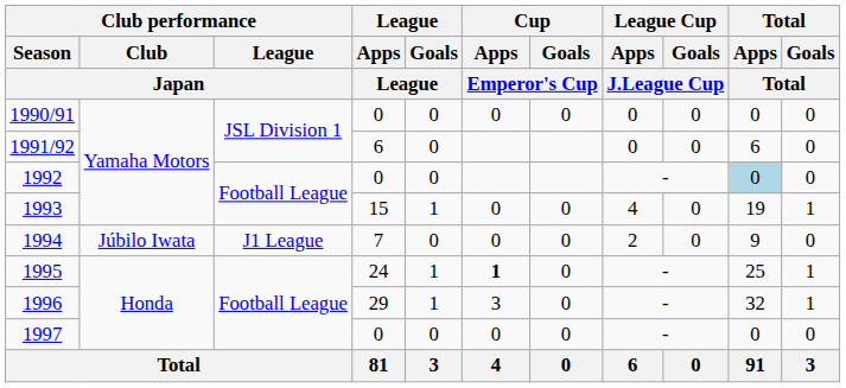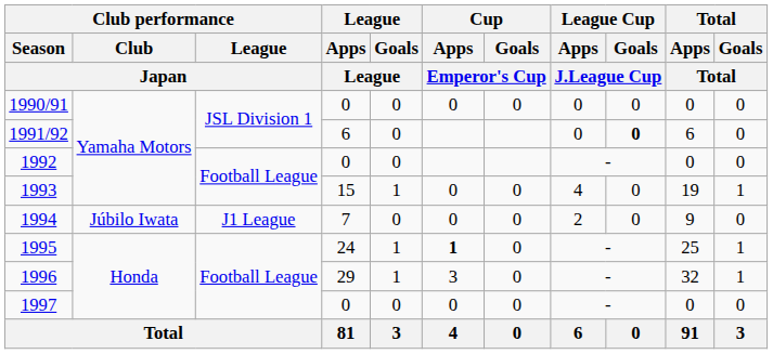 <table class="wikitable" style="text-align:center;">
 <tr>
 <th colspan=3>Club performance</th>
 <th colspan=2>League</th>
 <th colspan=2>Cup</th>
 <th colspan=2>League Cup</th>
 <th colspan=2>Total</th>
 </tr>
 <tr>
 <th>Season</th>
 <th>Club</th>
 <th>League</th>
 <th>Apps</th>
 <th>Goals</th>
 <th>Apps</th>
 <th>Goals</th>
 <th>Apps</th>
 <th>Goals</th>
 <th>Apps</th>
 <th>Goals</th>
 </tr>
 <tr>
 <th colspan=3>Japan</th>
 <th colspan=2>League</th>
 <th colspan=2><a href='#'>Emperor's Cup</a></th>
 <th colspan=2><a href='#'>J.League Cup</a></th>
 <th colspan=2>Total</th>
 </tr>
 <tr>
 <td><a href='#'>1990/91</a></td>
 <td rowspan="4"><a href='#'>Yamaha Motors</a></td>
 <td rowspan="2"><a href='#'>JSL Division 1</a></td>
 <td>0</td>
 <td>0</td>
 <td>0</td>
 <td>0</td>
 <td>0</td>
 <td>0</td>
 <td>0</td>
 <td>0</td>
 </tr>
 <tr>
 <td><a href='#'>1991/92</a></td>
 <td>6</td>
 <td>0</td>
 <td></td>
 <td></td>
 <td>0</td>
-<td>0</td>
+<td><strong>0</strong></td>
 <td>6</td>
 <td>0</td>
 </tr>
 <tr>
 <td><a href='#'>1992</a></td>
 <td rowspan="2"><a href='#'>Football League</a></td>
 <td>0</td>
 <td>0</td>
 <td></td>
 <td></td>
 <td colspan="2">-</td>
-<td style="background: lightblue;">0</td>
+<td>0</td>
 <td>0</td>
 </tr>
 <tr>
 <td><a href='#'>1993</a></td>
 <td>15</td>
 <td>1</td>
 <td>0</td>
 <td>0</td>
 <td>4</td>
 <td>0</td>
 <td>19</td>
 <td>1</td>
 </tr>
 <tr>
 <td><a href='#'>1994</a></td>
 <td><a href='#'>Júbilo Iwata</a></td>
 <td><a href='#'>J1 League</a></td>
 <td>7</td>
 <td>0</td>
 <td>0</td>
 <td>0</td>
 <td>2</td>
 <td>0</td>
 <td>9</td>
 <td>0</td>
 </tr>
 <tr>
 <td><a href='#'>1995</a></td>
 <td rowspan="3"><a href='#'>Honda</a></td>
 <td rowspan="3"><a href='#'>Football League</a></td>
 <td>24</td>
 <td>1</td>
 <td><strong>1</strong></td>
 <td>0</td>
 <td colspan="2">-</td>
 <td>25</td>
 <td>1</td>
 </tr>
 <tr>
 <td><a href='#'>1996</a></td>
 <td>29</td>
 <td>1</td>
 <td>3</td>
 <td>0</td>
 <td colspan="2">-</td>
 <td>32</td>
 <td>1</td>
 </tr>
 <tr>
 <td><a href='#'>1997</a></td>
 <td>0</td>
 <td>0</td>
 <td>0</td>
 <td>0</td>
 <td colspan="2">-</td>
 <td>0</td>
 <td>0</td>
 </tr>
 <tr>
 <th colspan=3>Total</th>
 <th>81</th>
 <th>3</th>
 <th>4</th>
 <th>0</th>
 <th>6</th>
 <th>0</th>
 <th>91</th>
 <th>3</th>
 </tr>
 </table>
